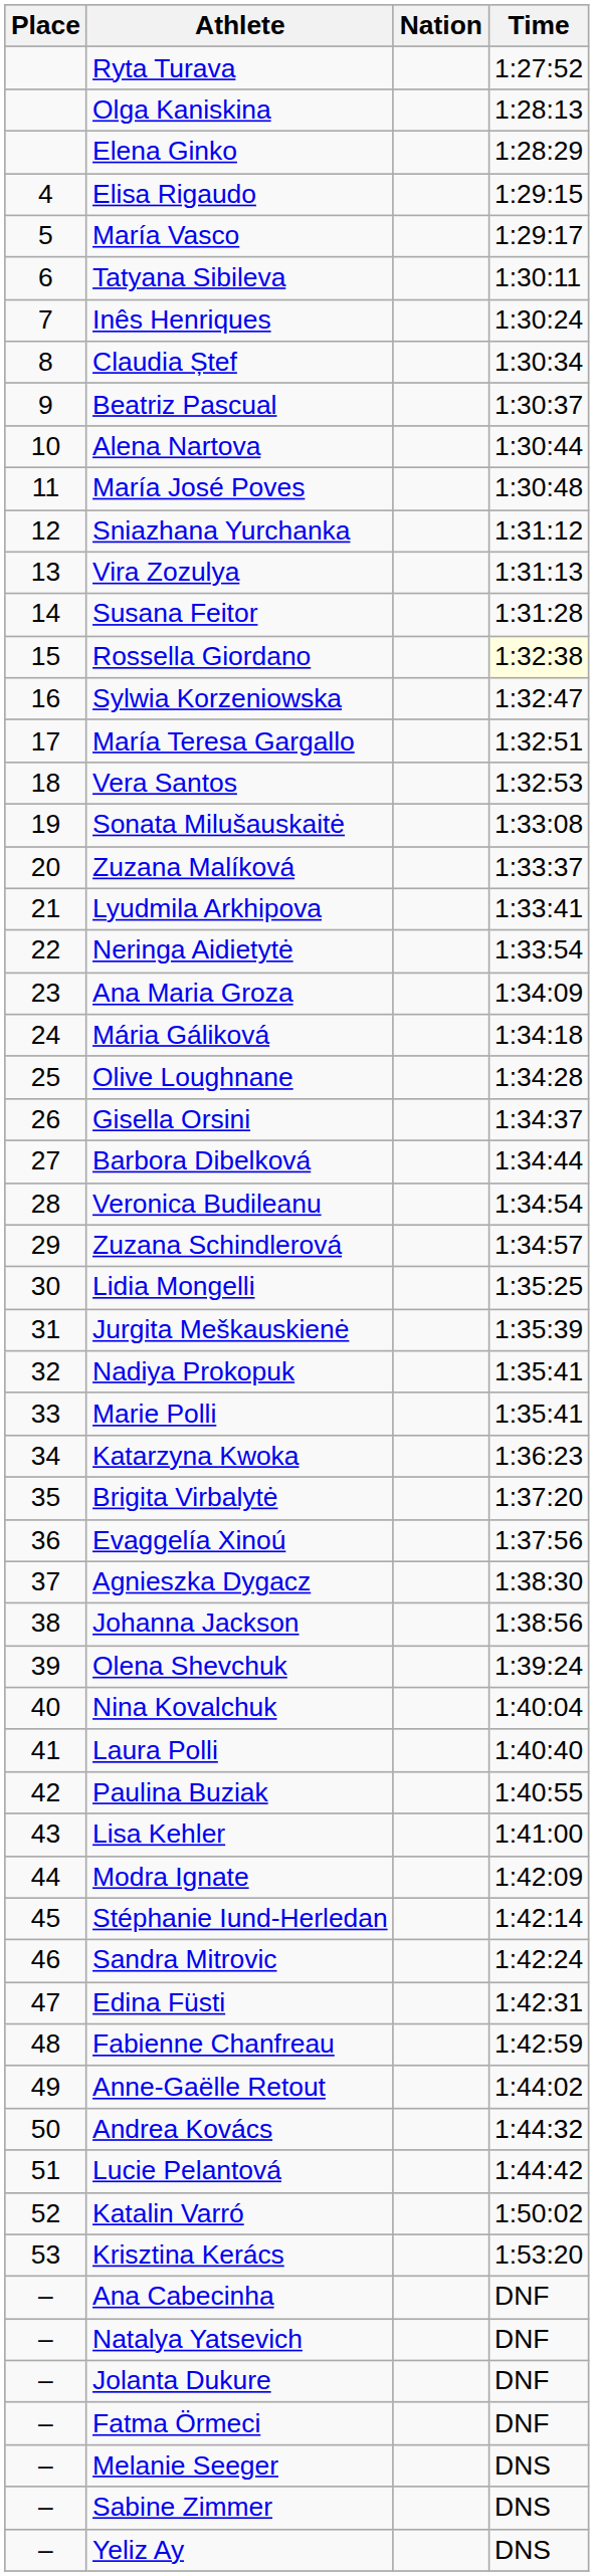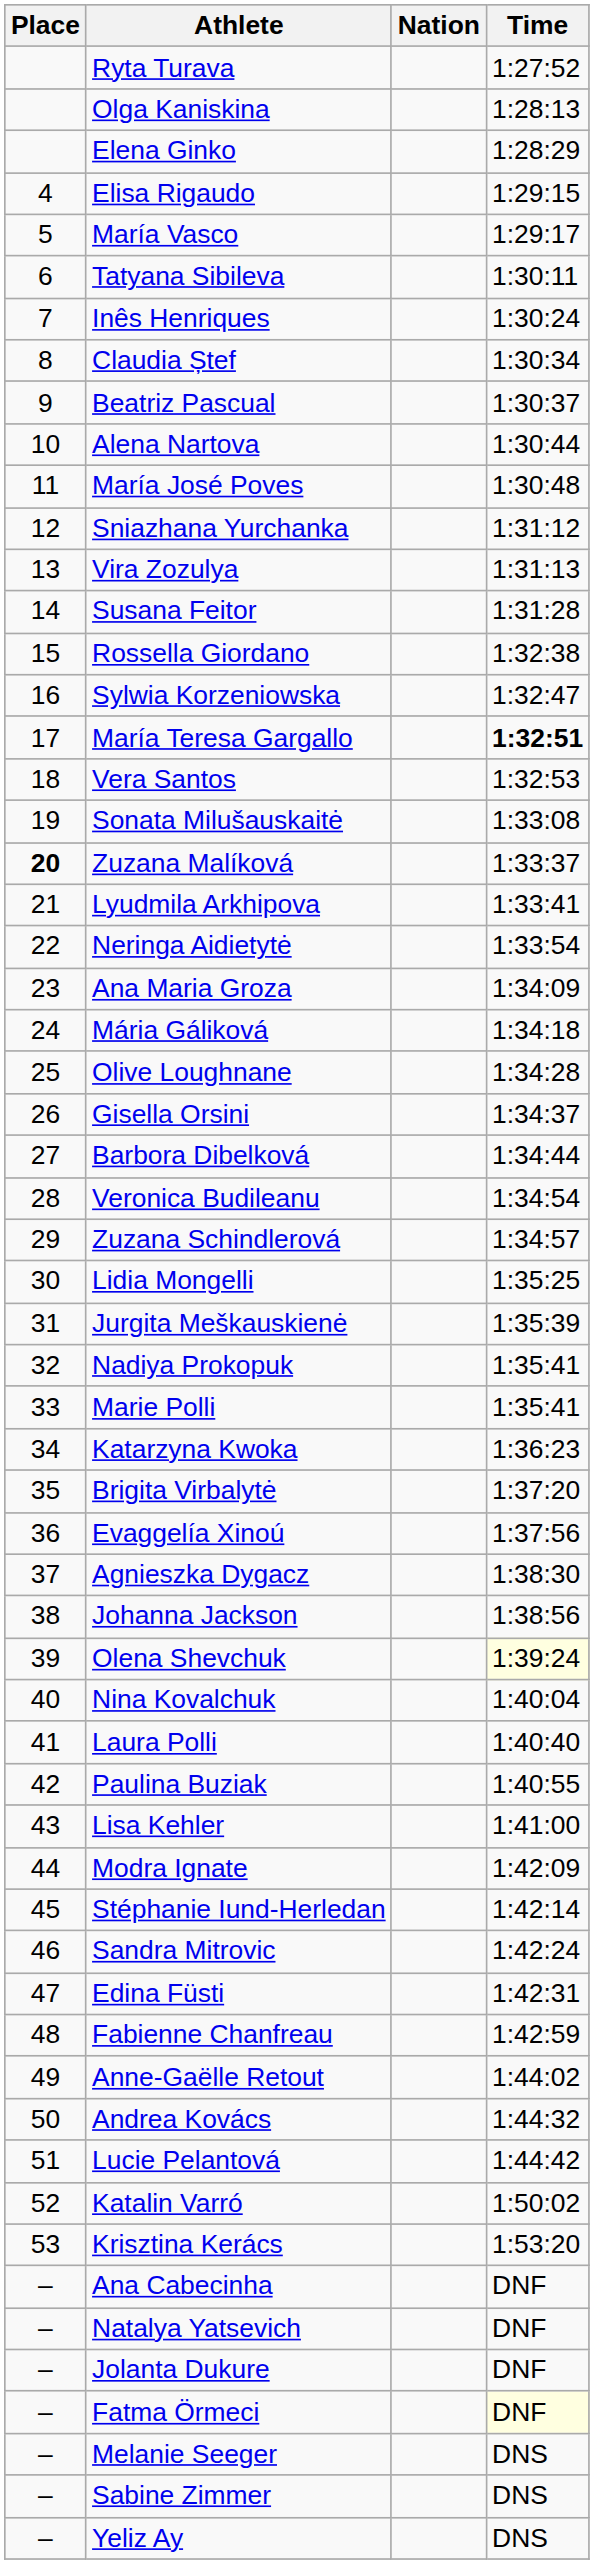 <table class=wikitable>
 <tr>
 <th>Place</th>
 <th>Athlete</th>
 <th>Nation</th>
 <th>Time</th>
 </tr>
 <tr>
 <td align=center></td>
 <td><a href='#'>Ryta Turava</a></td>
 <td></td>
 <td>1:27:52</td>
 </tr>
 <tr>
 <td align=center></td>
 <td><a href='#'>Olga Kaniskina</a></td>
 <td></td>
 <td>1:28:13</td>
 </tr>
 <tr>
 <td align=center></td>
 <td><a href='#'>Elena Ginko</a></td>
 <td></td>
 <td>1:28:29</td>
 </tr>
 <tr>
 <td align=center>4</td>
 <td><a href='#'>Elisa Rigaudo</a></td>
 <td></td>
 <td>1:29:15</td>
 </tr>
 <tr>
 <td align=center>5</td>
 <td><a href='#'>María Vasco</a></td>
 <td></td>
 <td>1:29:17</td>
 </tr>
 <tr>
 <td align=center>6</td>
 <td><a href='#'>Tatyana Sibileva</a></td>
 <td></td>
 <td>1:30:11</td>
 </tr>
 <tr>
 <td align=center>7</td>
 <td><a href='#'>Inês Henriques</a></td>
 <td></td>
 <td>1:30:24</td>
 </tr>
 <tr>
 <td align=center>8</td>
 <td><a href='#'>Claudia Ștef</a></td>
 <td></td>
 <td>1:30:34</td>
 </tr>
 <tr>
 <td align=center>9</td>
 <td><a href='#'>Beatriz Pascual</a></td>
 <td></td>
 <td>1:30:37</td>
 </tr>
 <tr>
 <td align=center>10</td>
 <td><a href='#'>Alena Nartova</a></td>
 <td></td>
 <td>1:30:44</td>
 </tr>
 <tr>
 <td align=center>11</td>
 <td><a href='#'>María José Poves</a></td>
 <td></td>
 <td>1:30:48</td>
 </tr>
 <tr>
 <td align=center>12</td>
 <td><a href='#'>Sniazhana Yurchanka</a></td>
 <td></td>
 <td>1:31:12</td>
 </tr>
 <tr>
 <td align=center>13</td>
 <td><a href='#'>Vira Zozulya</a></td>
 <td></td>
 <td>1:31:13</td>
 </tr>
 <tr>
 <td align=center>14</td>
 <td><a href='#'>Susana Feitor</a></td>
 <td></td>
 <td>1:31:28</td>
 </tr>
 <tr>
 <td align=center>15</td>
 <td><a href='#'>Rossella Giordano</a></td>
 <td></td>
-<td style="background: lightyellow;">1:32:38</td>
+<td>1:32:38</td>
 </tr>
 <tr>
 <td align=center>16</td>
 <td><a href='#'>Sylwia Korzeniowska</a></td>
 <td></td>
 <td>1:32:47</td>
 </tr>
 <tr>
 <td align=center>17</td>
 <td><a href='#'>María Teresa Gargallo</a></td>
 <td></td>
-<td>1:32:51</td>
+<td><strong>1:32:51</strong></td>
 </tr>
 <tr>
 <td align=center>18</td>
 <td><a href='#'>Vera Santos</a></td>
 <td></td>
 <td>1:32:53</td>
 </tr>
 <tr>
 <td align=center>19</td>
 <td><a href='#'>Sonata Milušauskaitė</a></td>
 <td></td>
 <td>1:33:08</td>
 </tr>
 <tr>
-<td align=center>20</td>
+<td align=center><strong>20</strong></td>
 <td><a href='#'>Zuzana Malíková</a></td>
 <td></td>
 <td>1:33:37</td>
 </tr>
 <tr>
 <td align=center>21</td>
 <td><a href='#'>Lyudmila Arkhipova</a></td>
 <td></td>
 <td>1:33:41</td>
 </tr>
 <tr>
 <td align=center>22</td>
 <td><a href='#'>Neringa Aidietytė</a></td>
 <td></td>
 <td>1:33:54</td>
 </tr>
 <tr>
 <td align=center>23</td>
 <td><a href='#'>Ana Maria Groza</a></td>
 <td></td>
 <td>1:34:09</td>
 </tr>
 <tr>
 <td align=center>24</td>
 <td><a href='#'>Mária Gáliková</a></td>
 <td></td>
 <td>1:34:18</td>
 </tr>
 <tr>
 <td align=center>25</td>
 <td><a href='#'>Olive Loughnane</a></td>
 <td></td>
 <td>1:34:28</td>
 </tr>
 <tr>
 <td align=center>26</td>
 <td><a href='#'>Gisella Orsini</a></td>
 <td></td>
 <td>1:34:37</td>
 </tr>
 <tr>
 <td align=center>27</td>
 <td><a href='#'>Barbora Dibelková</a></td>
 <td></td>
 <td>1:34:44</td>
 </tr>
 <tr>
 <td align=center>28</td>
 <td><a href='#'>Veronica Budileanu</a></td>
 <td></td>
 <td>1:34:54</td>
 </tr>
 <tr>
 <td align=center>29</td>
 <td><a href='#'>Zuzana Schindlerová</a></td>
 <td></td>
 <td>1:34:57</td>
 </tr>
 <tr>
 <td align=center>30</td>
 <td><a href='#'>Lidia Mongelli</a></td>
 <td></td>
 <td>1:35:25</td>
 </tr>
 <tr>
 <td align=center>31</td>
 <td><a href='#'>Jurgita Meškauskienė</a></td>
 <td></td>
 <td>1:35:39</td>
 </tr>
 <tr>
 <td align=center>32</td>
 <td><a href='#'>Nadiya Prokopuk</a></td>
 <td></td>
 <td>1:35:41</td>
 </tr>
 <tr>
 <td align=center>33</td>
 <td><a href='#'>Marie Polli</a></td>
 <td></td>
 <td>1:35:41</td>
 </tr>
 <tr>
 <td align=center>34</td>
 <td><a href='#'>Katarzyna Kwoka</a></td>
 <td></td>
 <td>1:36:23</td>
 </tr>
 <tr>
 <td align=center>35</td>
 <td><a href='#'>Brigita Virbalytė</a></td>
 <td></td>
 <td>1:37:20</td>
 </tr>
 <tr>
 <td align=center>36</td>
 <td><a href='#'>Evaggelía Xinoú</a></td>
 <td></td>
 <td>1:37:56</td>
 </tr>
 <tr>
 <td align=center>37</td>
 <td><a href='#'>Agnieszka Dygacz</a></td>
 <td></td>
 <td>1:38:30</td>
 </tr>
 <tr>
 <td align=center>38</td>
 <td><a href='#'>Johanna Jackson</a></td>
 <td></td>
 <td>1:38:56</td>
 </tr>
 <tr>
 <td align=center>39</td>
 <td><a href='#'>Olena Shevchuk</a></td>
 <td></td>
-<td>1:39:24</td>
+<td style="background: lightyellow;">1:39:24</td>
 </tr>
 <tr>
 <td align=center>40</td>
 <td><a href='#'>Nina Kovalchuk</a></td>
 <td></td>
 <td>1:40:04</td>
 </tr>
 <tr>
 <td align=center>41</td>
 <td><a href='#'>Laura Polli</a></td>
 <td></td>
 <td>1:40:40</td>
 </tr>
 <tr>
 <td align=center>42</td>
 <td><a href='#'>Paulina Buziak</a></td>
 <td></td>
 <td>1:40:55</td>
 </tr>
 <tr>
 <td align=center>43</td>
 <td><a href='#'>Lisa Kehler</a></td>
 <td></td>
 <td>1:41:00</td>
 </tr>
 <tr>
 <td align=center>44</td>
 <td><a href='#'>Modra Ignate</a></td>
 <td></td>
 <td>1:42:09</td>
 </tr>
 <tr>
 <td align=center>45</td>
 <td><a href='#'>Stéphanie Iund-Herledan</a></td>
 <td></td>
 <td>1:42:14</td>
 </tr>
 <tr>
 <td align=center>46</td>
 <td><a href='#'>Sandra Mitrovic</a></td>
 <td></td>
 <td>1:42:24</td>
 </tr>
 <tr>
 <td align=center>47</td>
 <td><a href='#'>Edina Füsti</a></td>
 <td></td>
 <td>1:42:31</td>
 </tr>
 <tr>
 <td align=center>48</td>
 <td><a href='#'>Fabienne Chanfreau</a></td>
 <td></td>
 <td>1:42:59</td>
 </tr>
 <tr>
 <td align=center>49</td>
 <td><a href='#'>Anne-Gaëlle Retout</a></td>
 <td></td>
 <td>1:44:02</td>
 </tr>
 <tr>
 <td align=center>50</td>
 <td><a href='#'>Andrea Kovács</a></td>
 <td></td>
 <td>1:44:32</td>
 </tr>
 <tr>
 <td align=center>51</td>
 <td><a href='#'>Lucie Pelantová</a></td>
 <td></td>
 <td>1:44:42</td>
 </tr>
 <tr>
 <td align=center>52</td>
 <td><a href='#'>Katalin Varró</a></td>
 <td></td>
 <td>1:50:02</td>
 </tr>
 <tr>
 <td align=center>53</td>
 <td><a href='#'>Krisztina Kerács</a></td>
 <td></td>
 <td>1:53:20</td>
 </tr>
 <tr>
 <td align=center>–</td>
 <td><a href='#'>Ana Cabecinha</a></td>
 <td></td>
 <td>DNF</td>
 </tr>
 <tr>
 <td align=center>–</td>
 <td><a href='#'>Natalya Yatsevich</a></td>
 <td></td>
 <td>DNF</td>
 </tr>
 <tr>
 <td align=center>–</td>
 <td><a href='#'>Jolanta Dukure</a></td>
 <td></td>
 <td>DNF</td>
 </tr>
 <tr>
 <td align=center>–</td>
 <td><a href='#'>Fatma Örmeci</a></td>
 <td></td>
-<td>DNF</td>
+<td style="background: lightyellow;">DNF</td>
 </tr>
 <tr>
 <td align=center>–</td>
 <td><a href='#'>Melanie Seeger</a></td>
 <td></td>
 <td>DNS</td>
 </tr>
 <tr>
 <td align=center>–</td>
 <td><a href='#'>Sabine Zimmer</a></td>
 <td></td>
 <td>DNS</td>
 </tr>
 <tr>
 <td align=center>–</td>
 <td><a href='#'>Yeliz Ay</a></td>
 <td></td>
 <td>DNS</td>
 </tr>
 </table>
